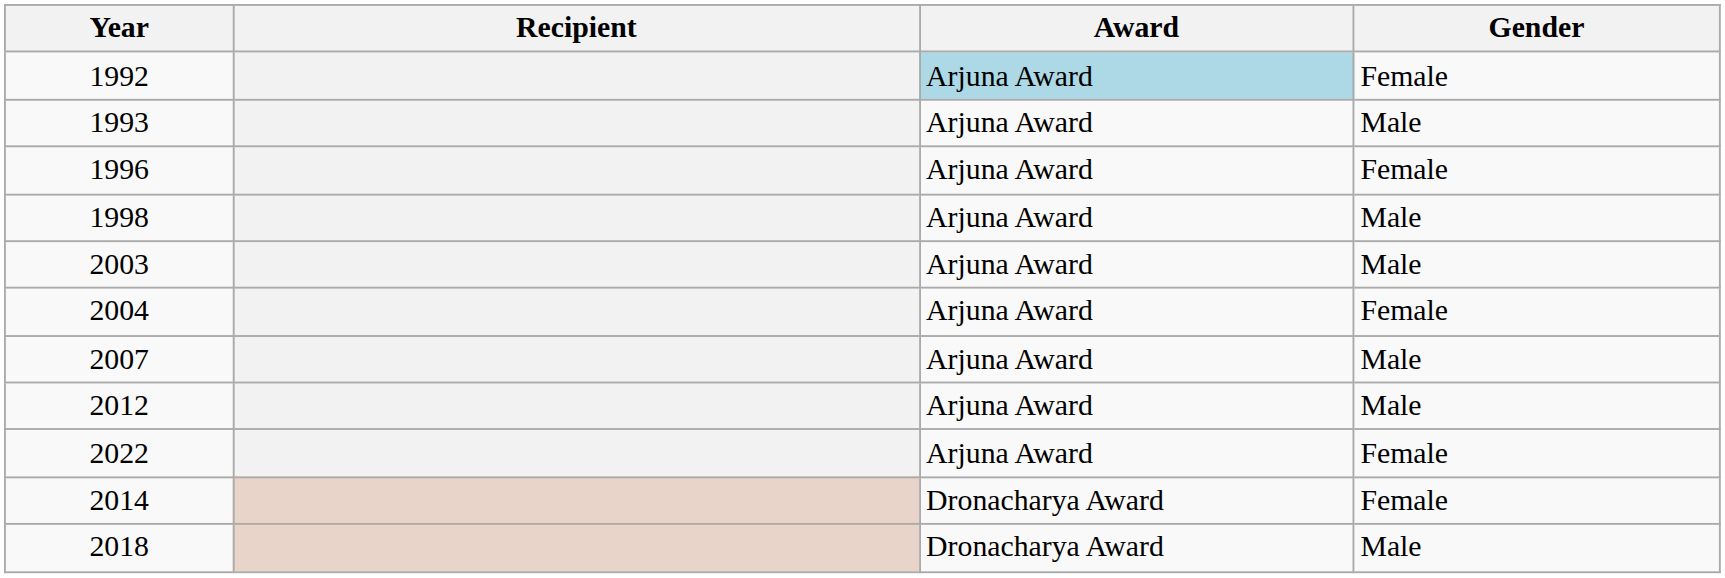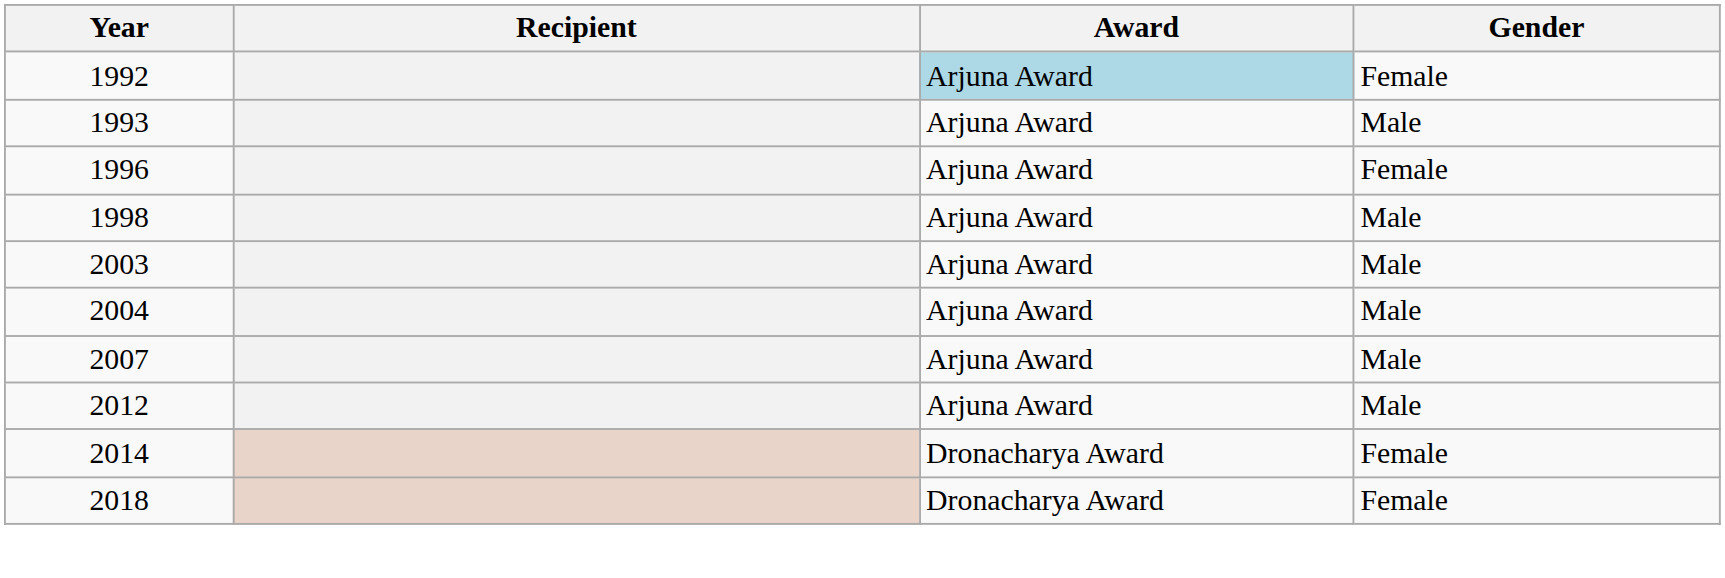 <table class="wikitable plainrowheaders sortable" style="width:73%">
 <tr>
 <th scope="col" style="width:10%">Year</th>
 <th scope="col" style="width:30%">Recipient</th>
 <th scope="col" style="width:19%">Award</th>
 <th scope="col" style="width:16%">Gender</th>
 </tr>
 <tr>
 <td style="text-align:center;">1992</td>
 <th scope="row"></th>
 <td style="background: lightblue;">Arjuna Award</td>
 <td>Female</td>
 </tr>
 <tr>
 <td style="text-align:center;">1993</td>
 <th scope="row"></th>
 <td>Arjuna Award</td>
 <td>Male</td>
 </tr>
 <tr>
 <td style="text-align:center;">1996</td>
 <th scope="row"></th>
 <td>Arjuna Award</td>
 <td>Female</td>
 </tr>
 <tr>
 <td style="text-align:center;">1998</td>
 <th scope="row"></th>
 <td>Arjuna Award</td>
 <td>Male</td>
 </tr>
 <tr>
 <td style="text-align:center;">2003</td>
 <th scope="row"></th>
 <td>Arjuna Award</td>
 <td>Male</td>
 </tr>
 <tr>
 <td style="text-align:center;">2004</td>
 <th scope="row"></th>
 <td>Arjuna Award</td>
-<td>Female</td>
+<td>Male</td>
 </tr>
 <tr>
 <td style="text-align:center;">2007</td>
 <th scope="row"></th>
 <td>Arjuna Award</td>
 <td>Male</td>
 </tr>
 <tr>
 <td style="text-align:center;">2012</td>
 <th scope="row"></th>
 <td>Arjuna Award</td>
 <td>Male</td>
 </tr>
 <tr>
-<td style="text-align:center;">2022</td>
-<th scope="row"></th>
-<td>Arjuna Award</td>
-<td>Female</td>
-</tr>
-<tr>
 <td style="text-align:center;">2014</td>
 <th scope="row" style="background-color:#E9D4C9"> </th>
 <td>Dronacharya Award</td>
 <td>Female</td>
 </tr>
 <tr>
 <td style="text-align:center;">2018</td>
 <th scope="row" style="background-color:#E9D4C9"> </th>
 <td>Dronacharya Award</td>
-<td>Male</td>
+<td>Female</td>
 </tr>
 </table>
